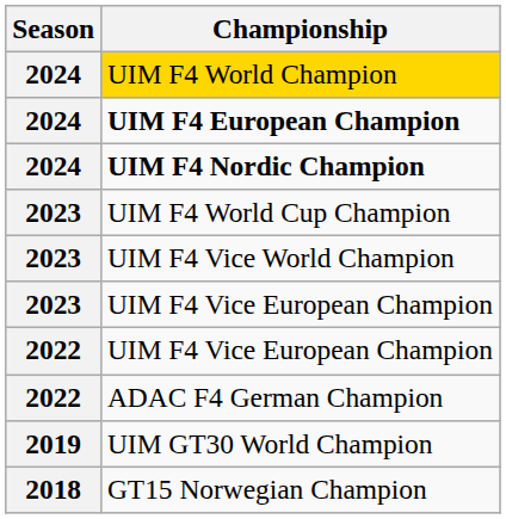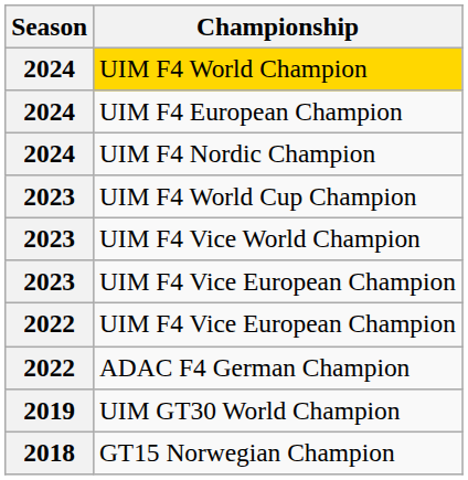 <table class="wikitable" style="font-size: 95%;">
 <tr>
 <th>Season</th>
 <th>Championship</th>
 </tr>
 <tr>
 <th>2024</th>
 <td style="background: gold;">UIM F4 World Champion</td>
 </tr>
 <tr>
 <th>2024</th>
-<td><strong>UIM F4 European Champion</strong></td>
+<td>UIM F4 European Champion</td>
 </tr>
 <tr>
 <th>2024</th>
-<td><strong>UIM F4 Nordic Champion</strong></td>
+<td>UIM F4 Nordic Champion</td>
 </tr>
 <tr>
 <th>2023</th>
 <td>UIM F4 World Cup Champion</td>
 </tr>
 <tr>
 <th>2023</th>
 <td>UIM F4 Vice World Champion</td>
 </tr>
 <tr>
 <th>2023</th>
 <td>UIM F4 Vice European Champion</td>
 </tr>
 <tr>
 <th>2022</th>
 <td>UIM F4 Vice European Champion</td>
 </tr>
 <tr>
 <th>2022</th>
 <td>ADAC F4 German Champion</td>
 </tr>
 <tr>
 <th>2019</th>
 <td>UIM GT30 World Champion</td>
 </tr>
 <tr>
 <th>2018</th>
 <td>GT15 Norwegian Champion</td>
 </tr>
 </table>
